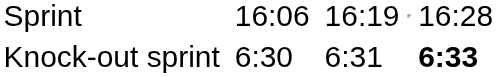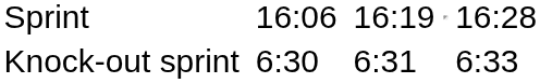 <table>
 <tr>
 <td>Sprint</td>
 <td></td>
 <td>16:06</td>
 <td></td>
 <td>16:19</td>
 <td><hr></td>
 <td>16:28</td>
 </tr>
 <tr>
 <td>Knock-out sprint</td>
 <td></td>
 <td>6:30</td>
 <td></td>
 <td>6:31</td>
 <td></td>
-<td><strong>6:33</strong></td>
+<td>6:33</td>
 </tr>
 </table>
